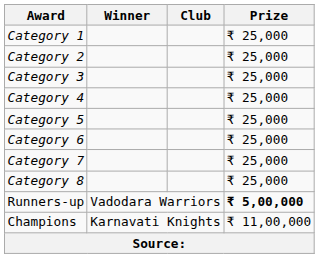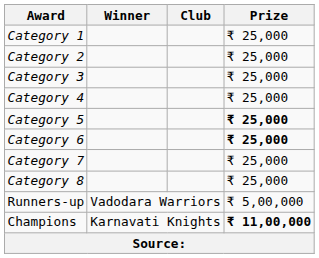 <table class="wikitable">
 <tr>
 <th>Award</th>
 <th>Winner</th>
 <th>Club</th>
 <th>Prize</th>
 </tr>
 <tr>
 <td><em>Category 1</em></td>
 <td></td>
 <td></td>
 <td>₹ 25,000</td>
 </tr>
 <tr>
 <td><em>Category 2</em></td>
 <td></td>
 <td></td>
 <td>₹ 25,000</td>
 </tr>
 <tr>
 <td><em>Category 3</em></td>
 <td></td>
 <td></td>
 <td>₹ 25,000</td>
 </tr>
 <tr>
 <td><em>Category 4</em></td>
 <td></td>
 <td></td>
 <td>₹ 25,000</td>
 </tr>
 <tr>
 <td><em>Category 5</em></td>
 <td></td>
 <td></td>
-<td>₹ 25,000</td>
+<td><strong>₹ 25,000</strong></td>
 </tr>
 <tr>
 <td><em>Category 6</em></td>
 <td></td>
 <td></td>
-<td>₹ 25,000</td>
+<td><strong>₹ 25,000</strong></td>
 </tr>
 <tr>
 <td><em>Category 7</em></td>
 <td></td>
 <td></td>
 <td>₹ 25,000</td>
 </tr>
 <tr>
 <td><em>Category 8</em></td>
 <td></td>
 <td></td>
 <td>₹ 25,000</td>
 </tr>
 <tr>
 <td>Runners-up</td>
 <td colspan="2">Vadodara Warriors</td>
-<td><strong>₹ 5,00,000</strong></td>
+<td>₹ 5,00,000</td>
 </tr>
 <tr>
 <td>Champions</td>
 <td colspan="2">Karnavati Knights</td>
-<td>₹ 11,00,000</td>
+<td><strong>₹ 11,00,000</strong></td>
 </tr>
 <tr>
 <th colspan="4">Source: </th>
 </tr>
 </table>
